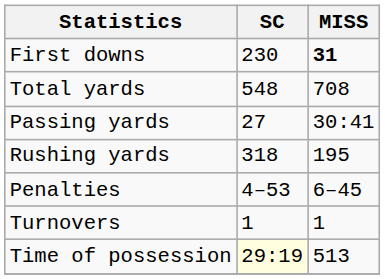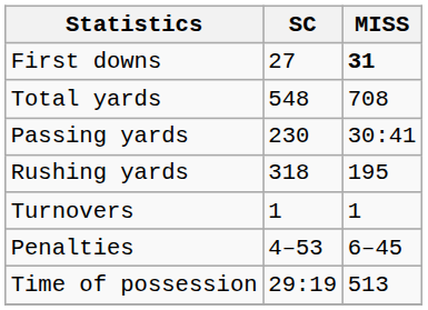 <table class="wikitable" style="float: left;">
 <tr>
 <th>Statistics</th>
 <th>SC</th>
 <th>MISS</th>
 </tr>
 <tr>
 <td>First downs</td>
-<td>230</td>
+<td>27</td>
 <td><strong>31</strong></td>
 </tr>
 <tr>
 <td>Total yards</td>
 <td>548</td>
 <td>708</td>
 </tr>
 <tr>
 <td>Passing yards</td>
-<td>27</td>
+<td>230</td>
 <td>30:41</td>
 </tr>
 <tr>
 <td>Rushing yards</td>
 <td>318</td>
 <td>195</td>
 </tr>
 <tr>
+<td>Turnovers</td>
+<td>1</td>
+<td>1</td>
+</tr>
+<tr>
 <td>Penalties</td>
 <td>4–53</td>
 <td>6–45</td>
 </tr>
 <tr>
-<td>Turnovers</td>
-<td>1</td>
-<td>1</td>
-</tr>
-<tr>
 <td>Time of possession</td>
-<td style="background: lightyellow;">29:19</td>
+<td>29:19</td>
 <td>513</td>
 </tr>
 <tr>
 </tr>
 </table>
